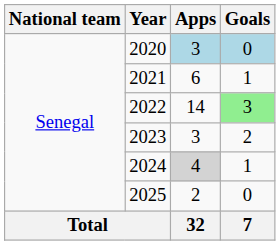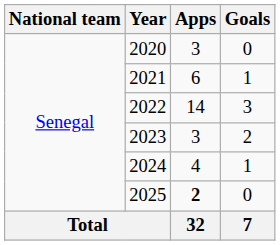 <table class="wikitable" style="text-align:center">
 <tr>
 <th>National team</th>
 <th>Year</th>
 <th>Apps</th>
 <th>Goals</th>
 </tr>
 <tr>
 <td rowspan="6"><a href='#'>Senegal</a></td>
 <td>2020</td>
-<td style="background: lightblue;">3</td>
-<td style="background: lightblue;">0</td>
+<td>3</td>
+<td>0</td>
 </tr>
 <tr>
 <td>2021</td>
 <td>6</td>
 <td>1</td>
 </tr>
 <tr>
 <td>2022</td>
 <td>14</td>
-<td style="background: lightgreen;">3</td>
+<td>3</td>
 </tr>
 <tr>
 <td>2023</td>
 <td>3</td>
 <td>2</td>
 </tr>
 <tr>
 <td>2024</td>
-<td style="background: lightgrey;">4</td>
+<td>4</td>
 <td>1</td>
 </tr>
 <tr>
 <td>2025</td>
-<td>2</td>
+<td><strong>2</strong></td>
 <td>0</td>
 </tr>
 <tr>
 <th colspan="2">Total</th>
 <th>32</th>
 <th>7</th>
 </tr>
 </table>
